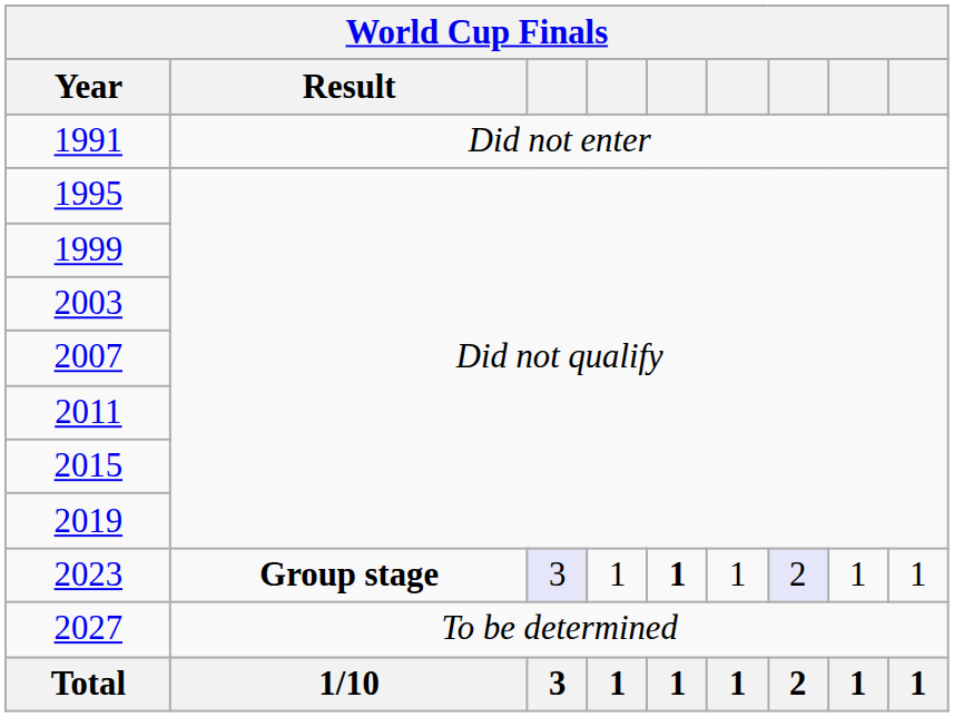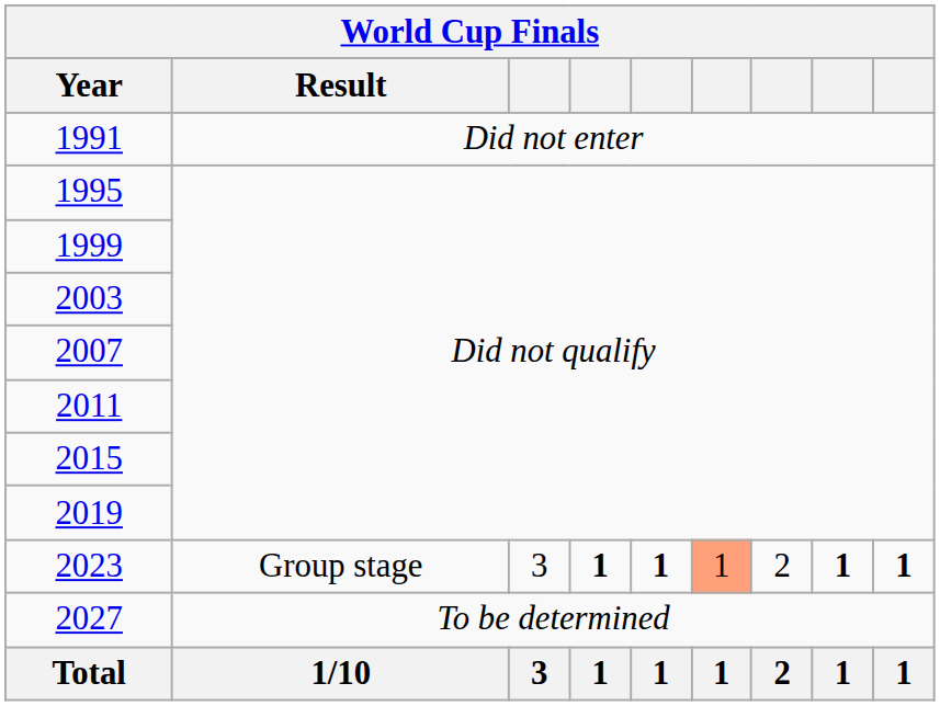 <table class="wikitable" style="text-align: center; width:50%;">
 <tr>
 <th colspan=10><a href='#'>World Cup Finals</a></th>
 </tr>
 <tr>
 <th>Year</th>
 <th>Result</th>
 <th></th>
 <th></th>
 <th></th>
 <th></th>
 <th></th>
 <th></th>
 <th></th>
 </tr>
 <tr>
 <td> <a href='#'>1991</a></td>
 <td colspan=8><em>Did not enter</em></td>
 </tr>
 <tr>
 <td> <a href='#'>1995</a></td>
 <td colspan=8 rowspan=7><em>Did not qualify</em></td>
 </tr>
 <tr>
 <td> <a href='#'>1999</a></td>
 </tr>
 <tr>
 <td> <a href='#'>2003</a></td>
 </tr>
 <tr>
 <td> <a href='#'>2007</a></td>
 </tr>
 <tr>
 <td> <a href='#'>2011</a></td>
 </tr>
 <tr>
 <td> <a href='#'>2015</a></td>
 </tr>
 <tr>
 <td> <a href='#'>2019</a></td>
 </tr>
 <tr>
 <td>  <a href='#'>2023</a></td>
-<td><strong>Group stage</strong></td>
-<td style="background: lavender;">3</td>
-<td>1</td>
+<td>Group stage</td>
+<td>3</td>
 <td><strong>1</strong></td>
-<td>1</td>
-<td style="background: lavender;">2</td>
-<td>1</td>
-<td>1</td>
+<td><strong>1</strong></td>
+<td style="background: lightsalmon;">1</td>
+<td>2</td>
+<td><strong>1</strong></td>
+<td><strong>1</strong></td>
 </tr>
 <tr>
 <td> <a href='#'>2027</a></td>
 <td colspan=8><em>To be determined</em></td>
 </tr>
 <tr>
 <th>Total</th>
 <th>1/10</th>
 <th>3</th>
 <th>1</th>
 <th>1</th>
 <th>1</th>
 <th>2</th>
 <th>1</th>
 <th>1</th>
 </tr>
 </table>
